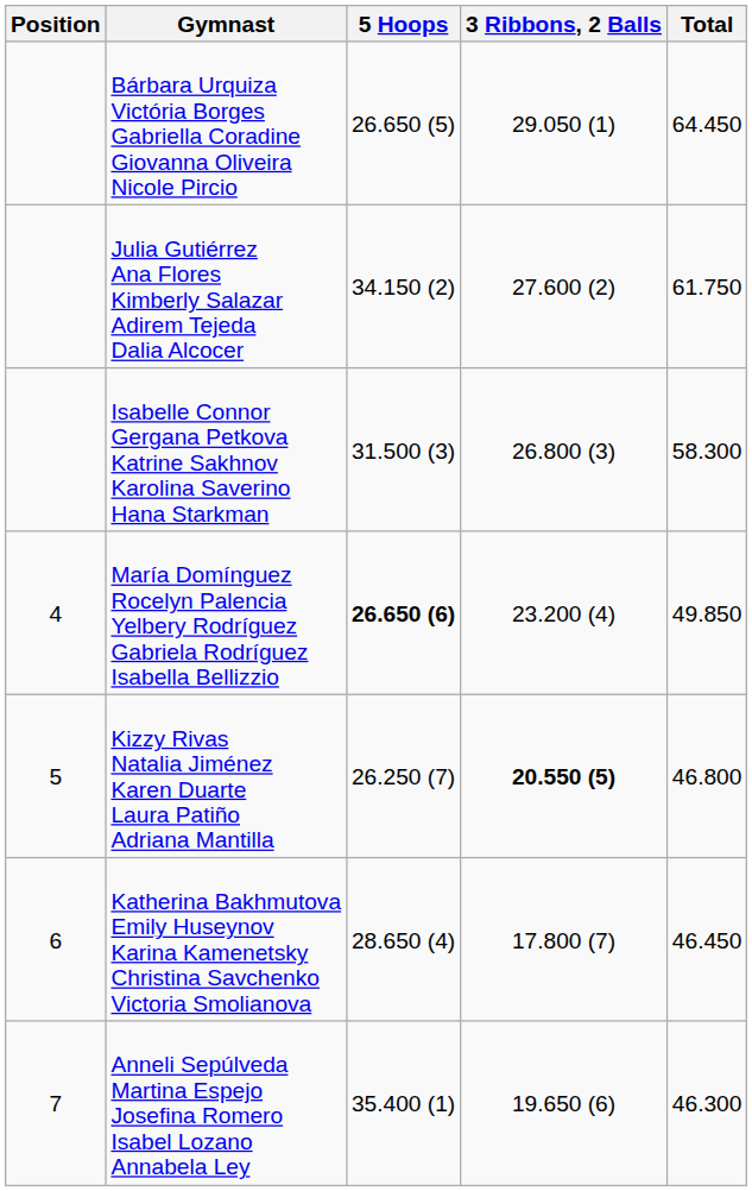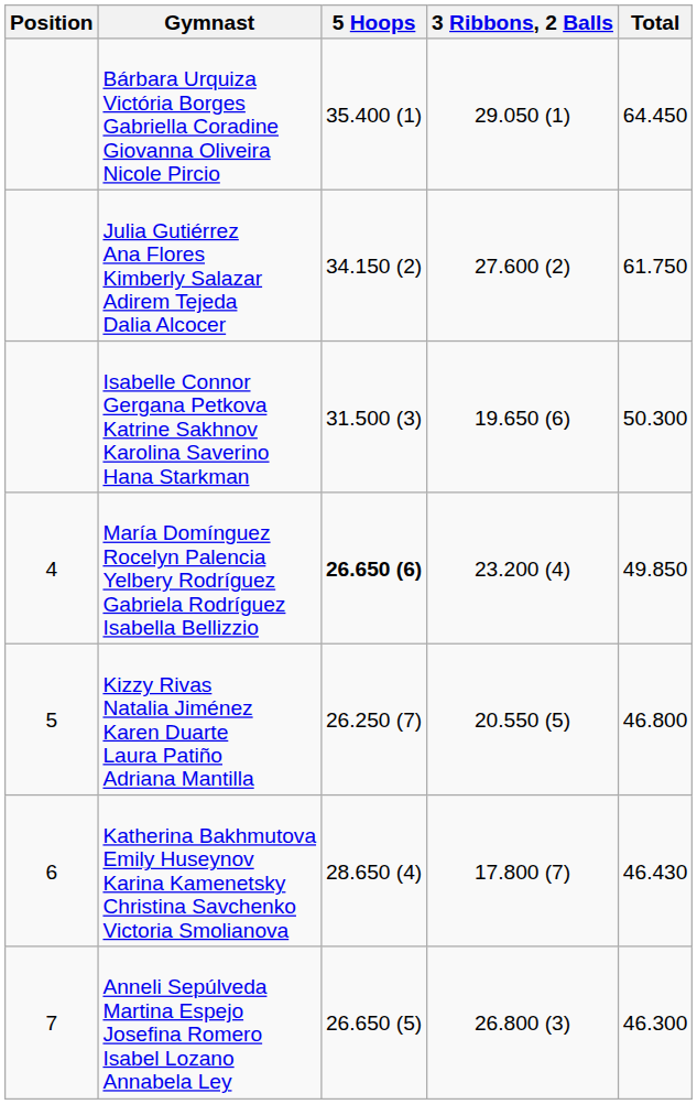 <table class="wikitable sortable" style="text-align:center; font-size:95%">
 <tr>
 <th>Position</th>
 <th>Gymnast</th>
 <th>5 <a href='#'>Hoops</a></th>
 <th>3 <a href='#'>Ribbons</a>, 2 <a href='#'>Balls</a></th>
 <th>Total</th>
 </tr>
 <tr>
 <td></td>
 <td align="left"><br><a href='#'>Bárbara Urquiza</a><br><a href='#'>Victória Borges</a><br><a href='#'>Gabriella Coradine</a><br><a href='#'>Giovanna Oliveira</a><br><a href='#'>Nicole Pircio</a></td>
-<td>26.650 (5)</td>
+<td>35.400 (1)</td>
 <td>29.050 (1)</td>
 <td>64.450</td>
 </tr>
 <tr>
 <td></td>
 <td align="left"><br><a href='#'>Julia Gutiérrez</a><br><a href='#'>Ana Flores</a><br><a href='#'>Kimberly Salazar</a><br><a href='#'>Adirem Tejeda</a><br><a href='#'>Dalia Alcocer</a></td>
 <td>34.150 (2)</td>
 <td>27.600 (2)</td>
 <td>61.750</td>
 </tr>
 <tr>
 <td></td>
 <td align="left"><br><a href='#'>Isabelle Connor</a><br><a href='#'>Gergana Petkova</a><br><a href='#'>Katrine Sakhnov</a><br><a href='#'>Karolina Saverino</a><br><a href='#'>Hana Starkman</a></td>
 <td>31.500 (3)</td>
-<td>26.800 (3)</td>
-<td>58.300</td>
+<td>19.650 (6)</td>
+<td>50.300</td>
 </tr>
 <tr>
 <td>4</td>
 <td align="left"><br><a href='#'>María Domínguez</a><br><a href='#'>Rocelyn Palencia</a><br><a href='#'>Yelbery Rodríguez</a><br><a href='#'>Gabriela Rodríguez</a><br><a href='#'>Isabella Bellizzio</a></td>
 <td><strong>26.650 (6)</strong></td>
 <td>23.200 (4)</td>
 <td>49.850</td>
 </tr>
 <tr>
 <td>5</td>
 <td align="left"><br><a href='#'>Kizzy Rivas</a><br><a href='#'>Natalia Jiménez</a><br><a href='#'>Karen Duarte</a><br><a href='#'>Laura Patiño</a><br><a href='#'>Adriana Mantilla</a></td>
 <td>26.250 (7)</td>
-<td><strong>20.550 (5)</strong></td>
+<td>20.550 (5)</td>
 <td>46.800</td>
 </tr>
 <tr>
 <td>6</td>
 <td align="left"><br><a href='#'>Katherina Bakhmutova</a><br><a href='#'>Emily Huseynov</a><br><a href='#'>Karina Kamenetsky</a><br><a href='#'>Christina Savchenko</a><br><a href='#'>Victoria Smolianova</a></td>
 <td>28.650 (4)</td>
 <td>17.800 (7)</td>
-<td>46.450</td>
+<td>46.430</td>
 </tr>
 <tr>
 <td>7</td>
 <td align="left"><br><a href='#'>Anneli Sepúlveda</a><br><a href='#'>Martina Espejo</a><br><a href='#'>Josefina Romero</a><br><a href='#'>Isabel Lozano</a><br><a href='#'>Annabela Ley</a></td>
-<td>35.400 (1)</td>
-<td>19.650 (6)</td>
+<td>26.650 (5)</td>
+<td>26.800 (3)</td>
 <td>46.300</td>
 </tr>
 <tr>
 </tr>
 </table>
